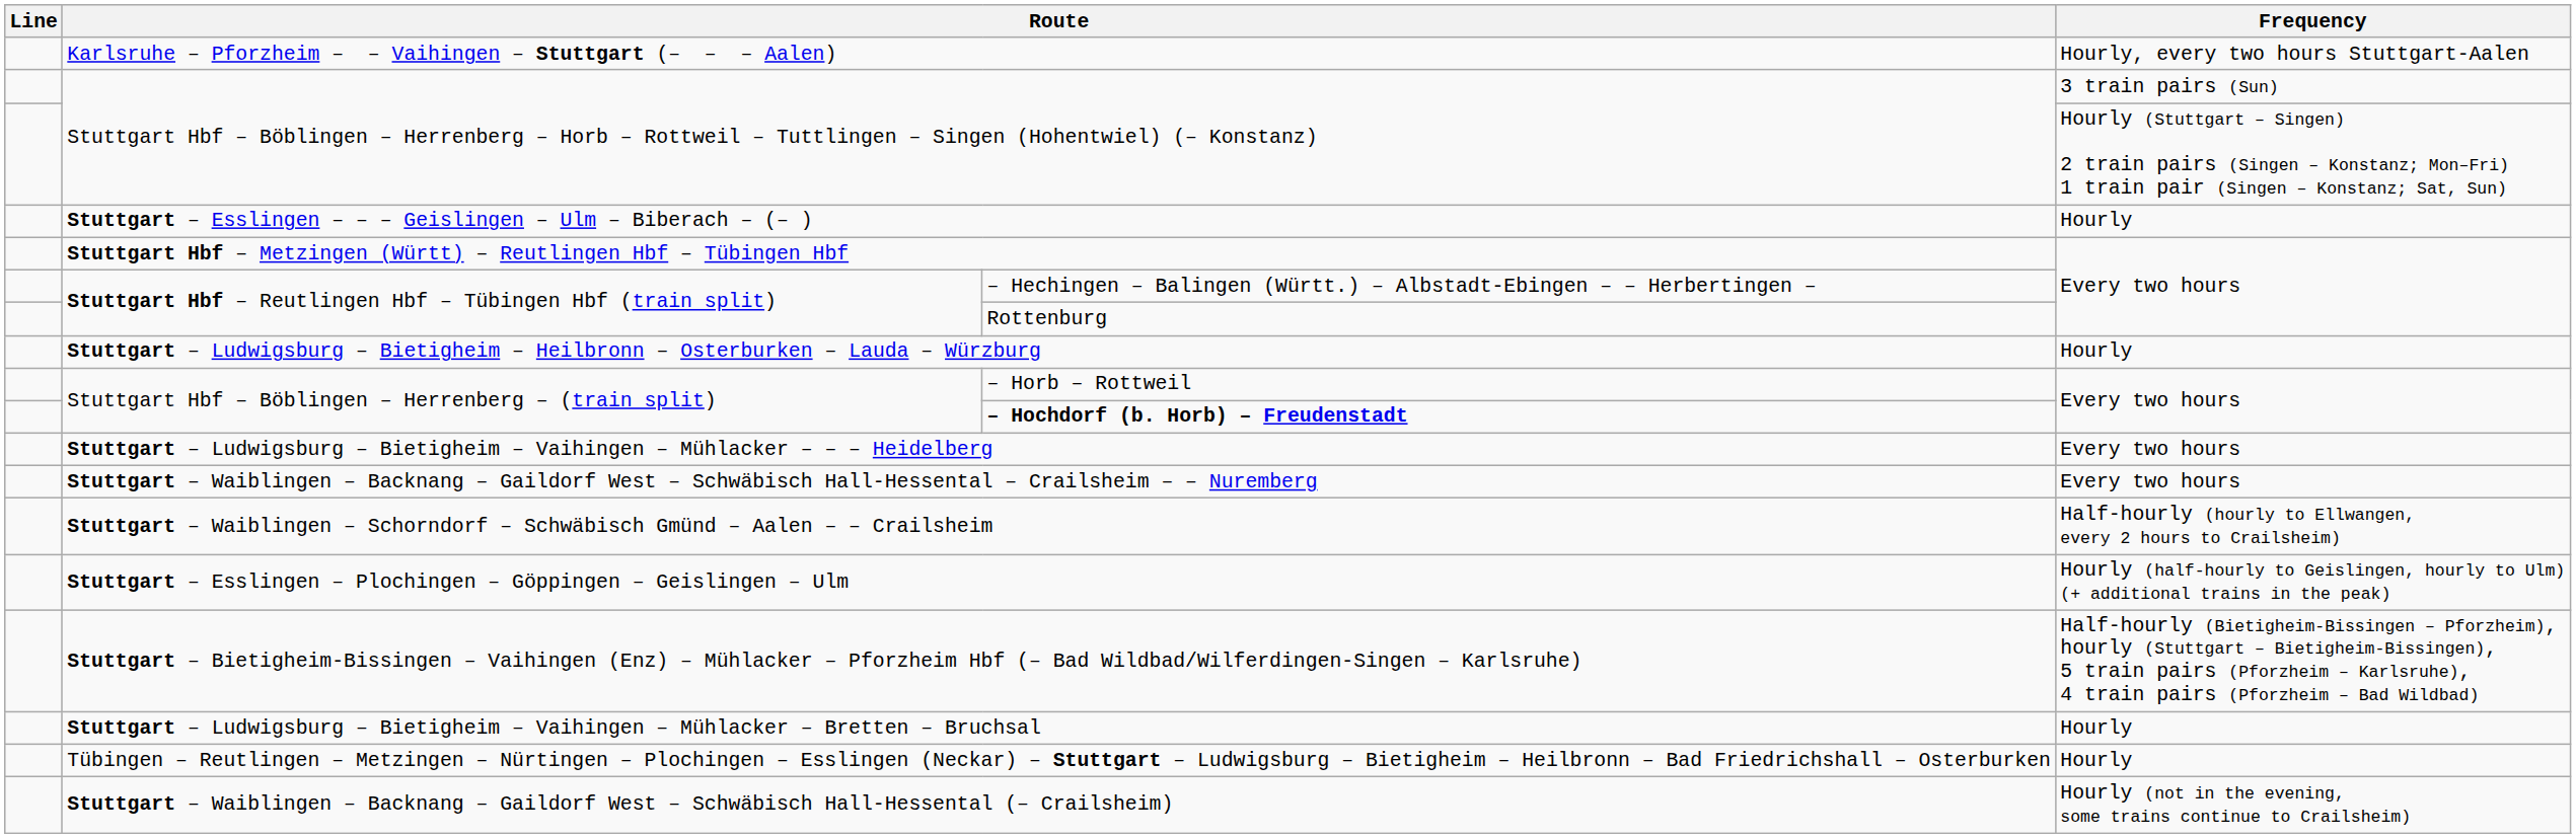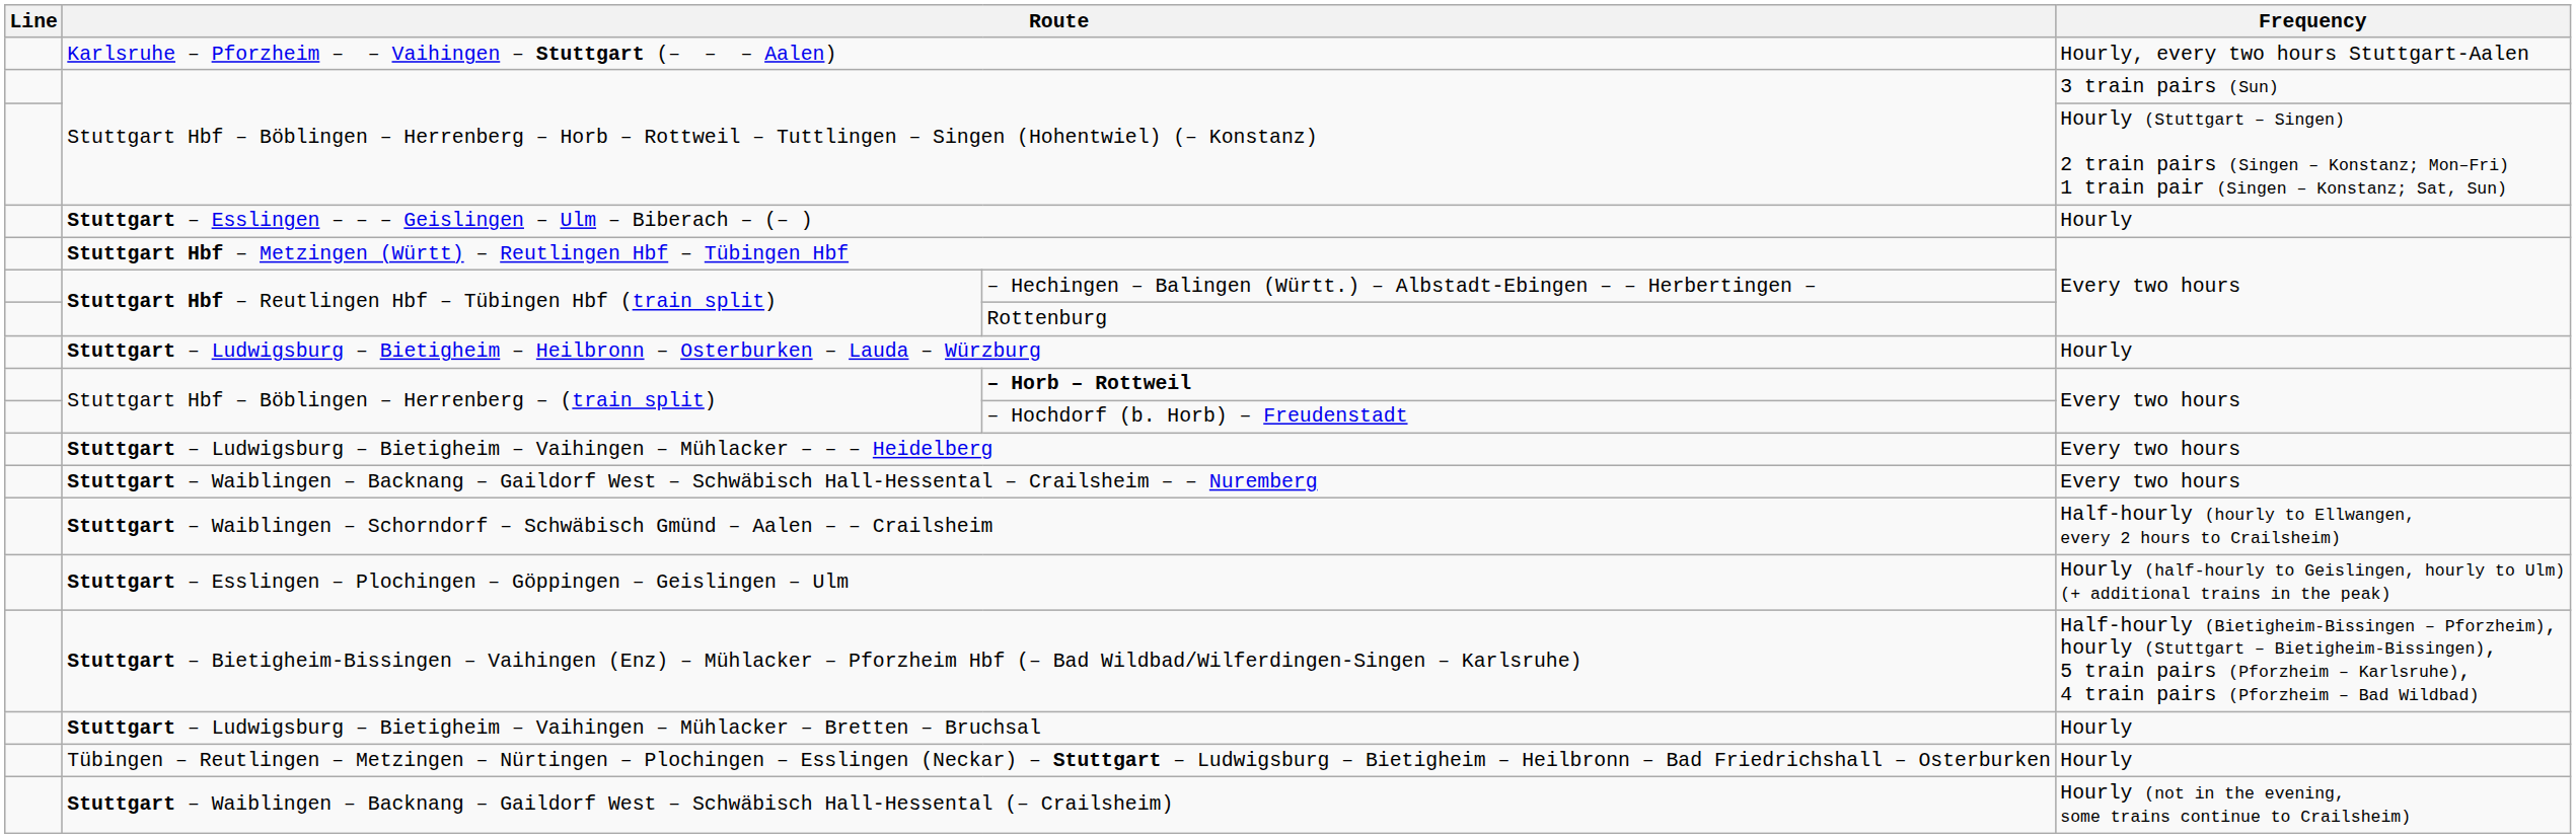 <table class="wikitable">
 <tr>
 <th>Line</th>
 <th colspan="2">Route</th>
 <th>Frequency</th>
 </tr>
 <tr>
 <td align="center"></td>
 <td colspan="2"><a href='#'>Karlsruhe</a> – <a href='#'>Pforzheim</a> –  – <a href='#'>Vaihingen</a> – <strong>Stuttgart</strong> (–  –  – <a href='#'>Aalen</a>)</td>
 <td>Hourly, every two hours Stuttgart-Aalen</td>
 </tr>
 <tr>
 <td align="center"></td>
 <td colspan=2 rowspan=2>Stuttgart Hbf – Böblingen – Herrenberg – Horb – Rottweil – Tuttlingen – Singen (Hohentwiel) (– Konstanz)</td>
 <td>3 train pairs <small>(Sun)</small></td>
 </tr>
 <tr>
 <td align="center"></td>
 <td>Hourly <small>(Stuttgart – Singen)</small><br><br>2 train pairs <small>(Singen – Konstanz; Mon–Fri)</small><br> 1 train pair <small>(Singen – Konstanz; Sat, Sun)</small></td>
 </tr>
 <tr>
 <td align="center"></td>
 <td colspan="2"><strong>Stuttgart</strong> – <a href='#'>Esslingen</a> –  –  – <a href='#'>Geislingen</a> – <a href='#'>Ulm</a> – Biberach –  (– )</td>
 <td>Hourly</td>
 </tr>
 <tr>
 <td align="center"></td>
 <td colspan="2"><strong>Stuttgart Hbf</strong> – <a href='#'>Metzingen (Württ)</a> – <a href='#'>Reutlingen Hbf</a> – <a href='#'>Tübingen Hbf</a></td>
 <td rowspan="3">Every two hours</td>
 </tr>
 <tr>
 <td align="center"></td>
 <td rowspan=2><strong>Stuttgart Hbf</strong> – Reutlingen Hbf – Tübingen Hbf (<a href='#'>train split</a>)</td>
 <td>– Hechingen – Balingen (Württ.) – Albstadt-Ebingen –  – Herbertingen – </td>
 </tr>
 <tr>
 <td align="center"></td>
 <td>Rottenburg</td>
 </tr>
 <tr>
 <td align="center"></td>
 <td colspan="2"><strong>Stuttgart</strong> – <a href='#'>Ludwigsburg</a> – <a href='#'>Bietigheim</a> – <a href='#'>Heilbronn</a> –  <a href='#'>Osterburken</a> – <a href='#'>Lauda</a> – <a href='#'>Würzburg</a></td>
 <td>Hourly</td>
 </tr>
 <tr>
 <td align="center"></td>
 <td rowspan="2">Stuttgart Hbf – Böblingen – Herrenberg –  (<a href='#'>train split</a>)</td>
-<td>– Horb – Rottweil</td>
+<td><strong>– Horb – Rottweil</strong></td>
 <td rowspan="2">Every two hours</td>
 </tr>
 <tr>
 <td align="center"></td>
-<td><strong>– Hochdorf (b. Horb) – <a href='#'>Freudenstadt</a></strong></td>
+<td>– Hochdorf (b. Horb) – <a href='#'>Freudenstadt</a></td>
 </tr>
 <tr>
 <td align="center"></td>
 <td colspan="2"><strong>Stuttgart</strong> – Ludwigsburg – Bietigheim – Vaihingen – Mühlacker –  –  – <a href='#'>Heidelberg</a></td>
 <td>Every two hours</td>
 </tr>
 <tr>
 <td align="center"></td>
 <td colspan="2"><strong>Stuttgart</strong> – Waiblingen – Backnang – Gaildorf West – Schwäbisch Hall-Hessental – Crailsheim –  – <a href='#'>Nuremberg</a></td>
 <td>Every two hours</td>
 </tr>
 <tr>
 <td align="center"></td>
 <td colspan="2"><strong>Stuttgart</strong> – Waiblingen – Schorndorf – Schwäbisch Gmünd – Aalen –  – Crailsheim</td>
 <td>Half-hourly <small>(hourly to Ellwangen, <br>every 2 hours to Crailsheim)</small></td>
 </tr>
 <tr>
 <td align="center"></td>
 <td colspan="2"><strong>Stuttgart</strong> – Esslingen – Plochingen – Göppingen – Geislingen – Ulm</td>
 <td>Hourly <small>(half-hourly to Geislingen, hourly to Ulm)<br>(+ additional trains in the peak)</small></td>
 </tr>
 <tr>
 <td align="center"></td>
 <td colspan="2"><strong>Stuttgart</strong> – Bietigheim-Bissingen – Vaihingen (Enz) – Mühlacker – Pforzheim Hbf (– Bad Wildbad/Wilferdingen-Singen – Karlsruhe)</td>
 <td>Half-hourly <small>(Bietigheim-Bissingen – Pforzheim)</small>, <br>hourly <small>(Stuttgart – Bietigheim-Bissingen)</small>, <br>5 train pairs <small>(Pforzheim – Karlsruhe)</small>, <br>4 train pairs <small>(Pforzheim – Bad Wildbad)</small></td>
 </tr>
 <tr>
 <td align="center"></td>
 <td colspan="2"><strong>Stuttgart</strong> – Ludwigsburg – Bietigheim – Vaihingen – Mühlacker – Bretten – Bruchsal</td>
 <td>Hourly</td>
 </tr>
 <tr>
 <td align="center"></td>
 <td colspan="2">Tübingen – Reutlingen – Metzingen – Nürtingen – Plochingen – Esslingen (Neckar) – <strong>Stuttgart</strong> – Ludwigsburg – Bietigheim – Heilbronn – Bad Friedrichshall – Osterburken</td>
 <td>Hourly</td>
 </tr>
 <tr>
 <td align="center"></td>
 <td colspan="2"><strong>Stuttgart</strong> – Waiblingen – Backnang – Gaildorf West – Schwäbisch Hall-Hessental (– Crailsheim)</td>
 <td>Hourly <small>(not in the evening, <br>some trains continue to Crailsheim)</small></td>
 </tr>
 <tr>
 </tr>
 </table>
